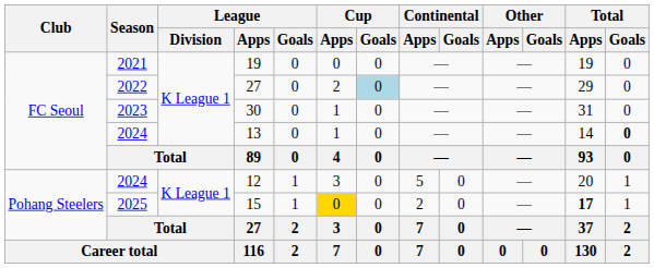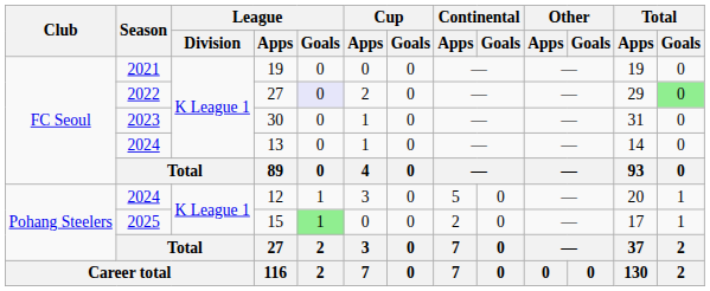 <table class="wikitable" style="text-align: center">
 <tr>
 <th rowspan="2">Club</th>
 <th rowspan="2">Season</th>
 <th colspan="3">League</th>
 <th colspan="2">Cup</th>
 <th colspan="2">Continental</th>
 <th colspan="2">Other</th>
 <th colspan="2">Total</th>
 </tr>
 <tr>
 <th>Division</th>
 <th>Apps</th>
 <th>Goals</th>
 <th>Apps</th>
 <th>Goals</th>
 <th>Apps</th>
 <th>Goals</th>
 <th>Apps</th>
 <th>Goals</th>
 <th>Apps</th>
 <th>Goals</th>
 </tr>
 <tr>
 <td rowspan=5><a href='#'>FC Seoul</a></td>
 <td><a href='#'>2021</a></td>
 <td rowspan=4><a href='#'>K League 1</a></td>
 <td>19</td>
 <td>0</td>
 <td>0</td>
 <td>0</td>
 <td colspan=2>—</td>
 <td colspan=2>—</td>
 <td>19</td>
 <td>0</td>
 </tr>
 <tr>
 <td><a href='#'>2022</a></td>
 <td>27</td>
+<td style="background: lavender;">0</td>
+<td>2</td>
 <td>0</td>
-<td>2</td>
-<td style="background: lightblue;">0</td>
 <td colspan=2>—</td>
 <td colspan=2>—</td>
 <td>29</td>
-<td>0</td>
+<td style="background: lightgreen;">0</td>
 </tr>
 <tr>
 <td><a href='#'>2023</a></td>
 <td>30</td>
 <td>0</td>
 <td>1</td>
 <td>0</td>
 <td colspan=2>—</td>
 <td colspan=2>—</td>
 <td>31</td>
 <td>0</td>
 </tr>
 <tr>
 <td><a href='#'>2024</a></td>
 <td>13</td>
 <td>0</td>
 <td>1</td>
 <td>0</td>
 <td colspan=2>—</td>
 <td colspan=2>—</td>
 <td>14</td>
-<td><strong>0</strong></td>
+<td>0</td>
 </tr>
 <tr>
 <th colspan="2">Total</th>
 <th>89</th>
 <th>0</th>
 <th>4</th>
 <th>0</th>
 <th colspan=2>—</th>
 <th colspan=2>—</th>
 <th>93</th>
 <th>0</th>
 </tr>
 <tr>
 <td rowspan=3><a href='#'>Pohang Steelers</a></td>
 <td><a href='#'>2024</a></td>
 <td rowspan=2><a href='#'>K League 1</a></td>
 <td>12</td>
 <td>1</td>
 <td>3</td>
 <td>0</td>
 <td>5</td>
 <td>0</td>
 <td colspan=2>—</td>
 <td>20</td>
 <td>1</td>
 </tr>
 <tr>
 <td><a href='#'>2025</a></td>
 <td>15</td>
-<td>1</td>
-<td style="background: gold;">0</td>
+<td style="background: lightgreen;">1</td>
+<td>0</td>
 <td>0</td>
 <td>2</td>
 <td>0</td>
 <td colspan=2>—</td>
-<td><strong>17</strong></td>
+<td>17</td>
 <td>1</td>
 </tr>
 <tr>
 <th colspan="2">Total</th>
 <th>27</th>
 <th>2</th>
 <th>3</th>
 <th>0</th>
 <th>7</th>
 <th>0</th>
 <th colspan=2>—</th>
 <th>37</th>
 <th>2</th>
 </tr>
 <tr>
 <th colspan=3>Career total</th>
 <th>116</th>
 <th>2</th>
 <th>7</th>
 <th>0</th>
 <th>7</th>
 <th>0</th>
 <th>0</th>
 <th>0</th>
 <th>130</th>
 <th>2</th>
 </tr>
 </table>
